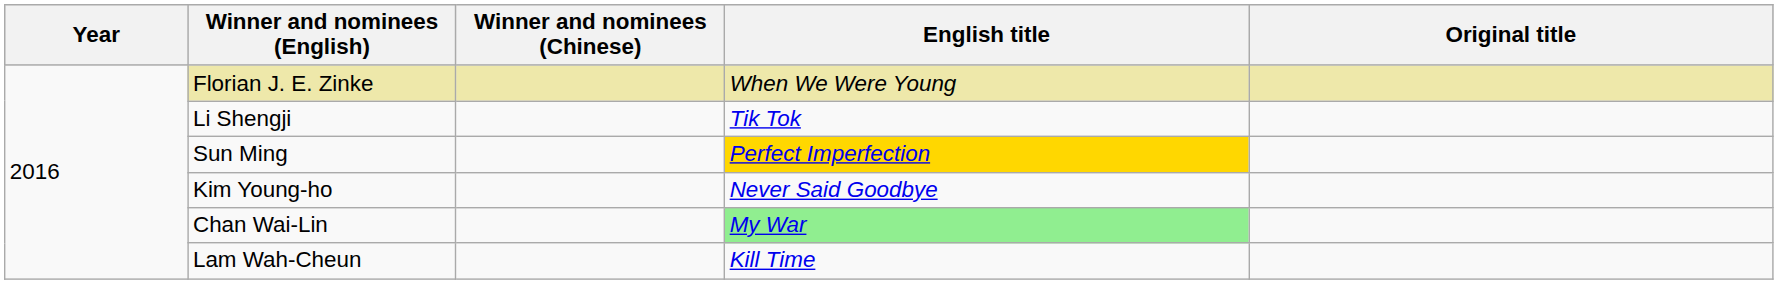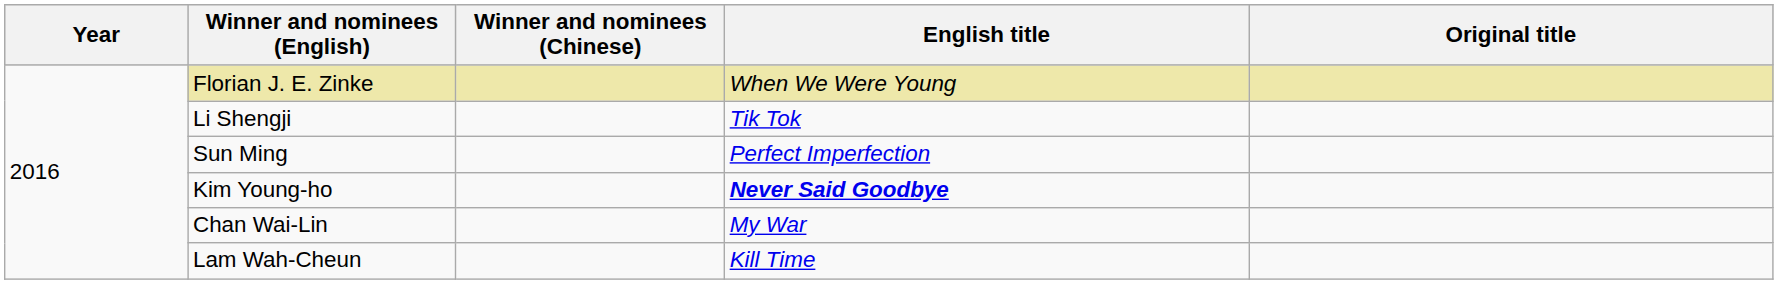 <table class="wikitable" style="width:100%;">
 <tr style="background:#bebebe">
 <th width="100"><strong>Year</strong></th>
 <th width="150"><strong>Winner and nominees<br>(English)</strong></th>
 <th width="150"><strong>Winner and nominees<br>(Chinese)</strong></th>
 <th width="300"><strong>English title</strong></th>
 <th width="300"><strong>Original title</strong></th>
 </tr>
 <tr>
 <td rowspan="6">2016</td>
 <td style="background:#EEE8AA;">Florian J. E. Zinke</td>
 <td style="background:#EEE8AA;"></td>
 <td style="background:#EEE8AA;"><em>When We Were Young</em></td>
 <td style="background:#EEE8AA;"></td>
 </tr>
 <tr>
 <td>Li Shengji</td>
 <td></td>
 <td><em><a href='#'>Tik Tok</a></em></td>
 <td></td>
 </tr>
 <tr>
 <td>Sun Ming</td>
 <td></td>
-<td style="background: gold;"><em><a href='#'>Perfect Imperfection</a></em></td>
+<td><em><a href='#'>Perfect Imperfection</a></em></td>
 <td></td>
 </tr>
 <tr>
 <td>Kim Young-ho</td>
 <td></td>
-<td><em><a href='#'>Never Said Goodbye</a></em></td>
+<td><strong><em><a href='#'>Never Said Goodbye</a></em></strong></td>
 <td></td>
 </tr>
 <tr>
 <td>Chan Wai-Lin</td>
 <td></td>
-<td style="background: lightgreen;"><em><a href='#'>My War</a></em></td>
+<td><em><a href='#'>My War</a></em></td>
 <td></td>
 </tr>
 <tr>
 <td>Lam Wah-Cheun</td>
 <td></td>
 <td><em><a href='#'>Kill Time</a></em></td>
 <td></td>
 </tr>
 </table>
